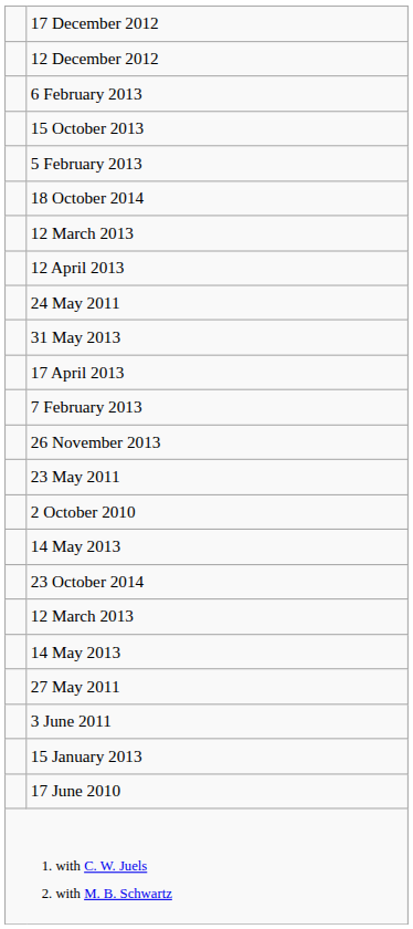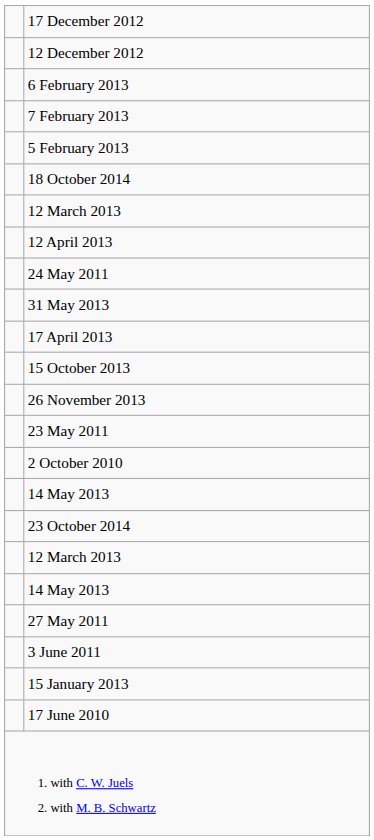 <table class="wikitable" style="font-size: 89%; float: left; width: 24em; margin-right: 1em; line-height: 1.6em !important;">
 <tr>
 <td></td>
 <td>17 December 2012</td>
 </tr>
 <tr>
 <td></td>
 <td>12 December 2012</td>
 </tr>
 <tr>
 <td></td>
 <td>6 February 2013</td>
 </tr>
 <tr>
 <td></td>
-<td>15 October 2013</td>
+<td>7 February 2013</td>
 </tr>
 <tr>
 <td></td>
 <td>5 February 2013</td>
 </tr>
 <tr>
 <td></td>
 <td>18 October 2014</td>
 </tr>
 <tr>
 <td></td>
 <td>12 March 2013</td>
 </tr>
 <tr>
 <td></td>
 <td>12 April 2013</td>
 </tr>
 <tr>
 <td></td>
 <td>24 May 2011</td>
 </tr>
 <tr>
 <td></td>
 <td>31 May 2013</td>
 </tr>
 <tr>
 <td></td>
 <td>17 April 2013</td>
 </tr>
 <tr>
 <td></td>
-<td>7 February 2013</td>
+<td>15 October 2013</td>
 </tr>
 <tr>
 <td></td>
 <td>26 November 2013</td>
 </tr>
 <tr>
 <td></td>
 <td>23 May 2011</td>
 </tr>
 <tr>
 <td></td>
 <td>2 October 2010</td>
 </tr>
 <tr>
 <td></td>
 <td>14 May 2013</td>
 </tr>
 <tr>
 <td></td>
 <td>23 October 2014</td>
 </tr>
 <tr>
 <td></td>
 <td>12 March 2013</td>
 </tr>
 <tr>
 <td></td>
 <td>14 May 2013</td>
 </tr>
 <tr>
 <td></td>
 <td>27 May 2011</td>
 </tr>
 <tr>
 <td></td>
 <td>3 June 2011</td>
 </tr>
 <tr>
 <td></td>
 <td>15 January 2013</td>
 </tr>
 <tr>
 <td></td>
 <td>17 June 2010</td>
 </tr>
 <tr>
 <td colspan=2 style="font-size: smaller;"><br><ol><li> with <a href='#'>C. W. Juels</a></li><li> with <a href='#'>M. B. Schwartz</a></li></ol></td>
 </tr>
 </table>
